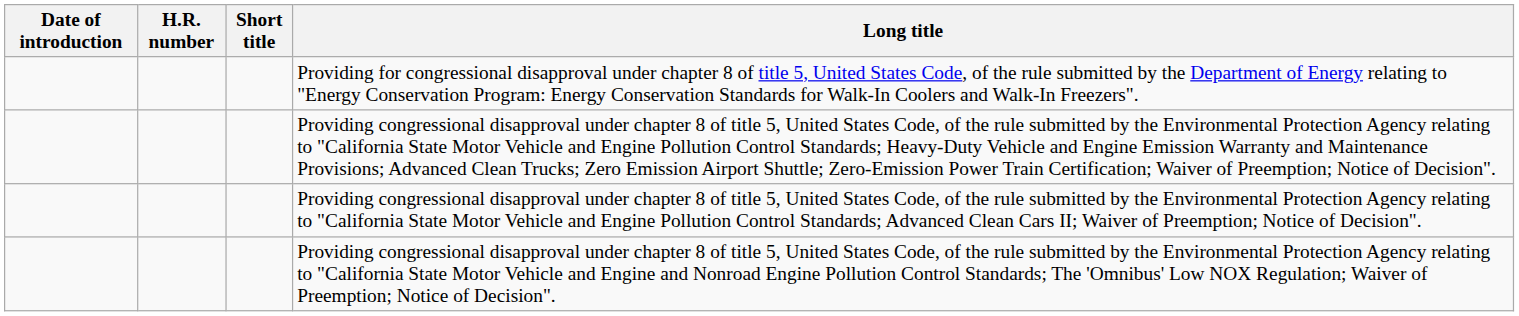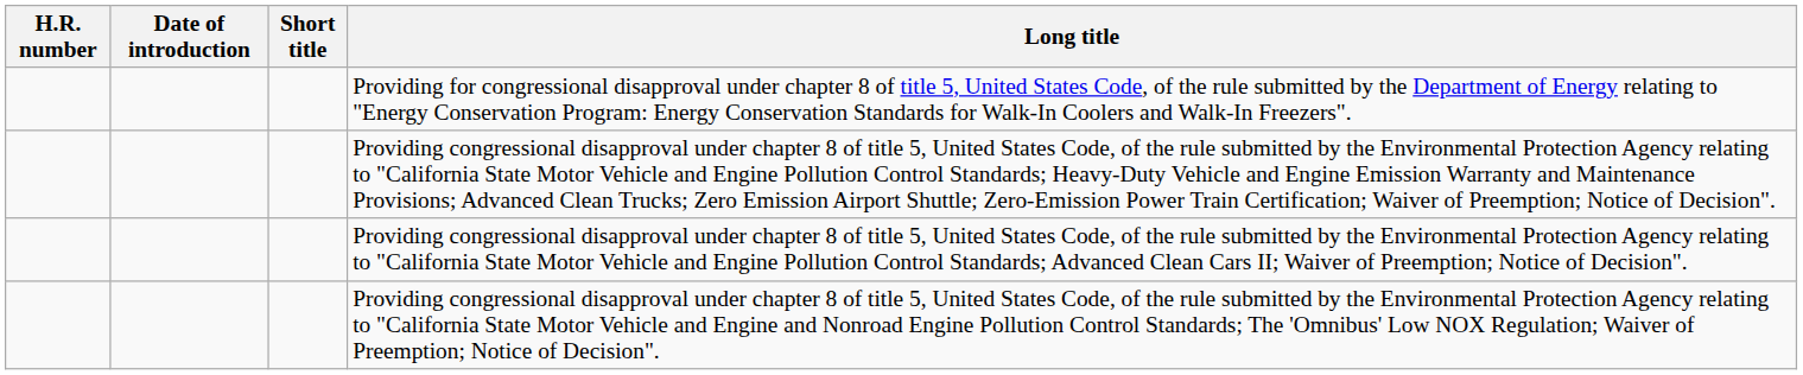 <table class="wikitable">
 <tr>
+<th>H.R. number</th>
 <th>Date of introduction</th>
-<th>H.R. number</th>
 <th>Short title</th>
 <th>Long title</th>
 </tr>
 <tr>
 <td></td>
 <td></td>
 <td></td>
 <td>Providing for congressional disapproval under chapter 8 of <a href='#'>title 5, United States Code</a>, of the rule submitted by the <a href='#'>Department of Energy</a> relating to "Energy Conservation Program: Energy Conservation Standards for Walk-In Coolers and Walk-In Freezers".</td>
 </tr>
 <tr>
 <td></td>
 <td></td>
 <td></td>
 <td>Providing congressional disapproval under chapter 8 of title 5, United States Code, of the rule submitted by the Environmental Protection Agency relating to "California State Motor Vehicle and Engine Pollution Control Standards; Heavy-Duty Vehicle and Engine Emission Warranty and Maintenance Provisions; Advanced Clean Trucks; Zero Emission Airport Shuttle; Zero-Emission Power Train Certification; Waiver of Preemption; Notice of Decision".</td>
 </tr>
 <tr>
 <td></td>
 <td></td>
 <td></td>
 <td>Providing congressional disapproval under chapter 8 of title 5, United States Code, of the rule submitted by the Environmental Protection Agency relating to "California State Motor Vehicle and Engine Pollution Control Standards; Advanced Clean Cars II; Waiver of Preemption; Notice of Decision".</td>
 </tr>
 <tr>
 <td></td>
 <td></td>
 <td></td>
 <td>Providing congressional disapproval under chapter 8 of title 5, United States Code, of the rule submitted by the Environmental Protection Agency relating to "California State Motor Vehicle and Engine and Nonroad Engine Pollution Control Standards; The 'Omnibus' Low NOX Regulation; Waiver of Preemption; Notice of Decision".</td>
 </tr>
 </table>
